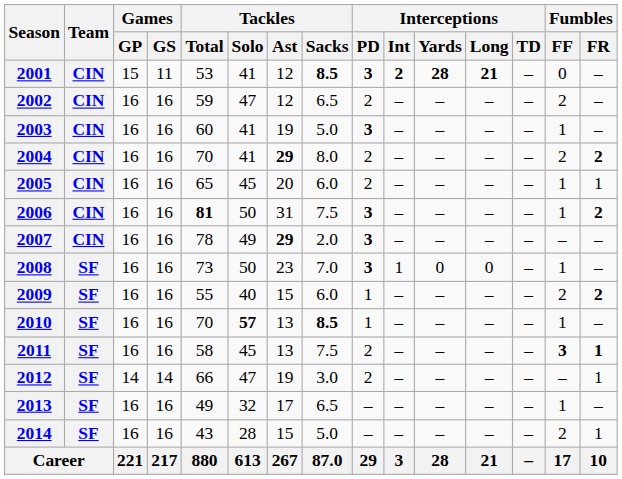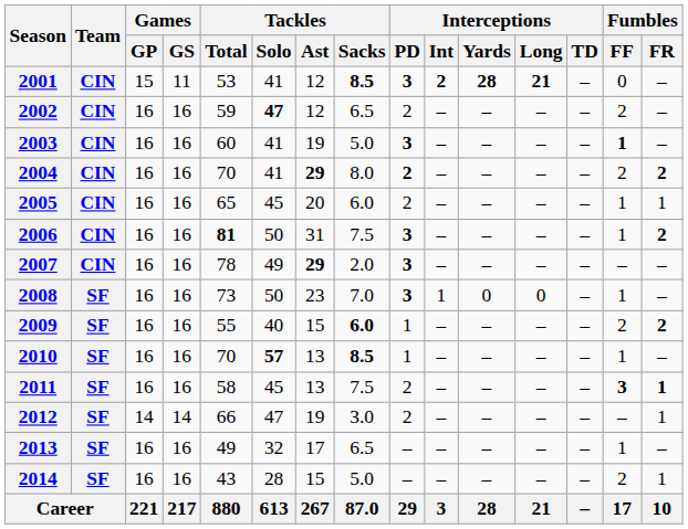 <table class="wikitable">
 <tr align="center">
 <th rowspan="2">Season</th>
 <th rowspan="2">Team</th>
 <th colspan="2">Games</th>
 <th colspan="4">Tackles</th>
 <th colspan="5">Interceptions</th>
 <th colspan="2">Fumbles</th>
 </tr>
 <tr align="center">
 <th>GP</th>
 <th>GS</th>
 <th>Total</th>
 <th>Solo</th>
 <th>Ast</th>
 <th>Sacks</th>
 <th>PD</th>
 <th>Int</th>
 <th>Yards</th>
 <th>Long</th>
 <th>TD</th>
 <th>FF</th>
 <th>FR</th>
 </tr>
 <tr align="center" bgcolor="">
 <th><a href='#'>2001</a></th>
 <th><a href='#'>CIN</a></th>
 <td>15</td>
 <td>11</td>
 <td>53</td>
 <td>41</td>
 <td>12</td>
 <td><strong>8.5</strong></td>
 <td><strong>3</strong></td>
 <td><strong>2</strong></td>
 <td><strong>28</strong></td>
 <td><strong>21</strong></td>
 <td>–</td>
 <td>0</td>
 <td>–</td>
 </tr>
 <tr align="center" bgcolor="">
 <th><a href='#'>2002</a></th>
 <th><a href='#'>CIN</a></th>
 <td>16</td>
 <td>16</td>
 <td>59</td>
-<td>47</td>
+<td><strong>47</strong></td>
 <td>12</td>
 <td>6.5</td>
 <td>2</td>
 <td>–</td>
 <td>–</td>
 <td>–</td>
 <td>–</td>
 <td>2</td>
 <td>–</td>
 </tr>
 <tr align="center" bgcolor="">
 <th><a href='#'>2003</a></th>
 <th><a href='#'>CIN</a></th>
 <td>16</td>
 <td>16</td>
 <td>60</td>
 <td>41</td>
 <td>19</td>
 <td>5.0</td>
 <td><strong>3</strong></td>
 <td>–</td>
 <td>–</td>
 <td>–</td>
 <td>–</td>
-<td>1</td>
+<td><strong>1</strong></td>
 <td>–</td>
 </tr>
 <tr align="center" bgcolor="">
 <th><a href='#'>2004</a></th>
 <th><a href='#'>CIN</a></th>
 <td>16</td>
 <td>16</td>
 <td>70</td>
 <td>41</td>
 <td><strong>29</strong></td>
 <td>8.0</td>
-<td>2</td>
+<td><strong>2</strong></td>
 <td>–</td>
 <td>–</td>
 <td>–</td>
 <td>–</td>
 <td>2</td>
 <td><strong>2</strong></td>
 </tr>
 <tr align="center" bgcolor="">
 <th><a href='#'>2005</a></th>
 <th><a href='#'>CIN</a></th>
 <td>16</td>
 <td>16</td>
 <td>65</td>
 <td>45</td>
 <td>20</td>
 <td>6.0</td>
 <td>2</td>
 <td>–</td>
 <td>–</td>
 <td>–</td>
 <td>–</td>
 <td>1</td>
 <td>1</td>
 </tr>
 <tr align="center" bgcolor="">
 <th><a href='#'>2006</a></th>
 <th><a href='#'>CIN</a></th>
 <td>16</td>
 <td>16</td>
 <td><strong>81</strong></td>
 <td>50</td>
 <td>31</td>
 <td>7.5</td>
 <td><strong>3</strong></td>
 <td>–</td>
 <td>–</td>
 <td>–</td>
 <td>–</td>
 <td>1</td>
 <td><strong>2</strong></td>
 </tr>
 <tr align="center" bgcolor="">
 <th><a href='#'>2007</a></th>
 <th><a href='#'>CIN</a></th>
 <td>16</td>
 <td>16</td>
 <td>78</td>
 <td>49</td>
 <td><strong>29</strong></td>
 <td>2.0</td>
 <td><strong>3</strong></td>
 <td>–</td>
 <td>–</td>
 <td>–</td>
 <td>–</td>
 <td>–</td>
 <td>–</td>
 </tr>
 <tr align="center" bgcolor="">
 <th><a href='#'>2008</a></th>
 <th><a href='#'>SF</a></th>
 <td>16</td>
 <td>16</td>
 <td>73</td>
 <td>50</td>
 <td>23</td>
 <td>7.0</td>
 <td><strong>3</strong></td>
 <td>1</td>
 <td>0</td>
 <td>0</td>
 <td>–</td>
 <td>1</td>
 <td>–</td>
 </tr>
 <tr align="center" bgcolor="">
 <th><a href='#'>2009</a></th>
 <th><a href='#'>SF</a></th>
 <td>16</td>
 <td>16</td>
 <td>55</td>
 <td>40</td>
 <td>15</td>
-<td>6.0</td>
+<td><strong>6.0</strong></td>
 <td>1</td>
 <td>–</td>
 <td>–</td>
 <td>–</td>
 <td>–</td>
 <td>2</td>
 <td><strong>2</strong></td>
 </tr>
 <tr align="center" bgcolor="">
 <th><a href='#'>2010</a></th>
 <th><a href='#'>SF</a></th>
 <td>16</td>
 <td>16</td>
 <td>70</td>
 <td><strong>57</strong></td>
 <td>13</td>
 <td><strong>8.5</strong></td>
 <td>1</td>
 <td>–</td>
 <td>–</td>
 <td>–</td>
 <td>–</td>
 <td>1</td>
 <td>–</td>
 </tr>
 <tr align="center" bgcolor="">
 <th><a href='#'>2011</a></th>
 <th><a href='#'>SF</a></th>
 <td>16</td>
 <td>16</td>
 <td>58</td>
 <td>45</td>
 <td>13</td>
 <td>7.5</td>
 <td>2</td>
 <td>–</td>
 <td>–</td>
 <td>–</td>
 <td>–</td>
 <td><strong>3</strong></td>
 <td><strong>1</strong></td>
 </tr>
 <tr align="center" bgcolor="">
 <th><a href='#'>2012</a></th>
 <th><a href='#'>SF</a></th>
 <td>14</td>
 <td>14</td>
 <td>66</td>
 <td>47</td>
 <td>19</td>
 <td>3.0</td>
 <td>2</td>
 <td>–</td>
 <td>–</td>
 <td>–</td>
 <td>–</td>
 <td>–</td>
 <td>1</td>
 </tr>
 <tr align="center" bgcolor="">
 <th><a href='#'>2013</a></th>
 <th><a href='#'>SF</a></th>
 <td>16</td>
 <td>16</td>
 <td>49</td>
 <td>32</td>
 <td>17</td>
 <td>6.5</td>
 <td>–</td>
 <td>–</td>
 <td>–</td>
 <td>–</td>
 <td>–</td>
 <td>1</td>
 <td>–</td>
 </tr>
 <tr align="center" bgcolor="">
 <th><a href='#'>2014</a></th>
 <th><a href='#'>SF</a></th>
 <td>16</td>
 <td>16</td>
 <td>43</td>
 <td>28</td>
 <td>15</td>
 <td>5.0</td>
 <td>–</td>
 <td>–</td>
 <td>–</td>
 <td>–</td>
 <td>–</td>
 <td>2</td>
 <td>1</td>
 </tr>
 <tr align="center" bgcolor="">
 <th colspan="2">Career</th>
 <th>221</th>
 <th>217</th>
 <th>880</th>
 <th>613</th>
 <th>267</th>
 <th>87.0</th>
 <th>29</th>
 <th>3</th>
 <th>28</th>
 <th>21</th>
 <th>–</th>
 <th>17</th>
 <th>10</th>
 </tr>
 </table>
